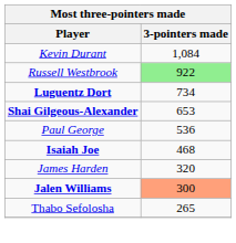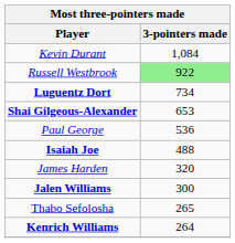 <table class="wikitable sortable" style="text-align:center">
 <tr>
 <th colspan="2" style="text-align:center; ">Most three-pointers made</th>
 </tr>
 <tr>
 <th style="text-align:center; ">Player</th>
 <th style="text-align:center; ">3-pointers made</th>
 </tr>
 <tr>
 <td><em><a href='#'>Kevin Durant</a></em></td>
 <td>1,084</td>
 </tr>
 <tr>
 <td><em><a href='#'>Russell Westbrook</a></em></td>
 <td style="background: lightgreen;">922</td>
 </tr>
 <tr>
 <td><strong><a href='#'>Luguentz Dort</a></strong></td>
 <td>734</td>
 </tr>
 <tr>
 <td><strong><a href='#'>Shai Gilgeous-Alexander</a></strong></td>
 <td>653</td>
 </tr>
 <tr>
 <td><em><a href='#'>Paul George</a></em></td>
 <td>536</td>
 </tr>
 <tr>
 <td><strong><a href='#'>Isaiah Joe</a></strong></td>
-<td>468</td>
+<td>488</td>
 </tr>
 <tr>
 <td><em><a href='#'>James Harden</a></em></td>
 <td>320</td>
 </tr>
 <tr>
 <td><strong><a href='#'>Jalen Williams</a></strong></td>
-<td style="background: lightsalmon;">300</td>
+<td>300</td>
 </tr>
 <tr>
 <td><a href='#'>Thabo Sefolosha</a></td>
 <td>265</td>
 </tr>
 <tr>
+<td><strong><a href='#'>Kenrich Williams</a></strong></td>
+<td>264</td>
+</tr>
+<tr>
 </tr>
 </table>
